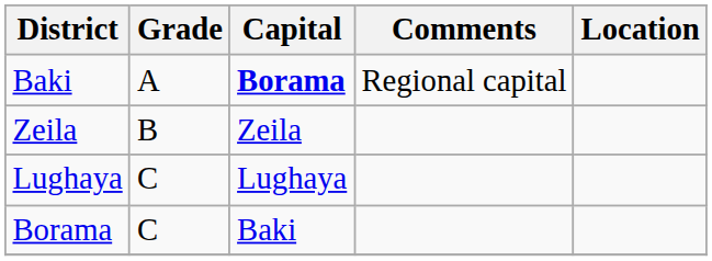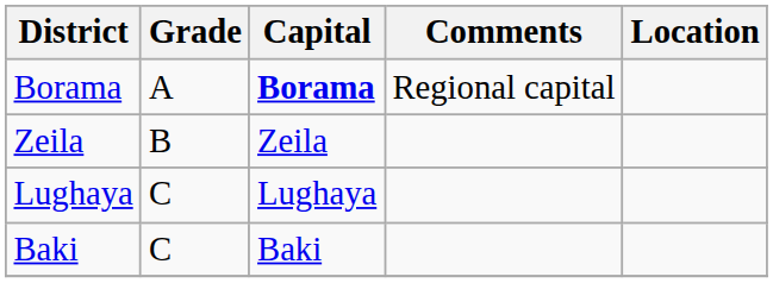 <table class="wikitable sortable">
 <tr>
 <th>District</th>
 <th>Grade</th>
 <th>Capital</th>
 <th>Comments</th>
 <th>Location</th>
 </tr>
 <tr>
-<td><a href='#'>Baki</a></td>
+<td><a href='#'>Borama</a></td>
 <td>A</td>
 <td><strong><a href='#'>Borama</a></strong></td>
 <td>Regional capital</td>
 <td></td>
 </tr>
 <tr>
 <td><a href='#'>Zeila</a></td>
 <td>B</td>
 <td><a href='#'>Zeila</a></td>
 <td></td>
 <td></td>
 </tr>
 <tr>
 <td><a href='#'>Lughaya</a></td>
 <td>C</td>
 <td><a href='#'>Lughaya</a></td>
 <td></td>
 <td></td>
 </tr>
 <tr>
-<td><a href='#'>Borama</a></td>
+<td><a href='#'>Baki</a></td>
 <td>C</td>
 <td><a href='#'>Baki</a></td>
 <td></td>
 <td></td>
 </tr>
 <tr>
 </tr>
 </table>
